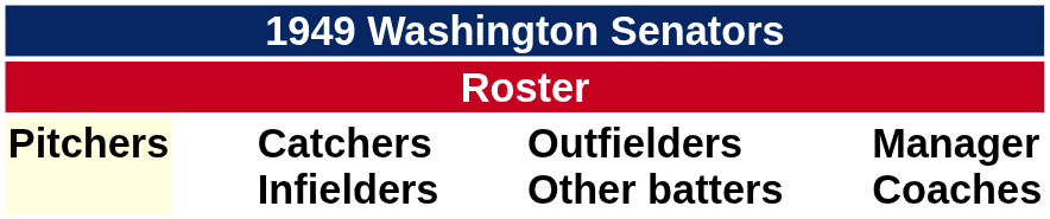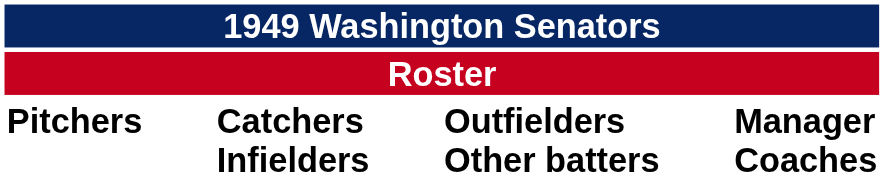 <table class="toccolours" style="font-size: 95%;">
 <tr>
 <th colspan="10" style="background-color: #072764; color: white; text-align: center;">1949 Washington Senators</th>
 </tr>
 <tr>
 <td colspan="10" style="background-color: #c6011f; color: white; text-align: center;"><strong>Roster</strong></td>
 </tr>
 <tr>
-<td valign="top" style="background: lightyellow;"><strong>Pitchers</strong><br>                 </td>
+<td valign="top"><strong>Pitchers</strong><br>                 </td>
 <td width="25px"></td>
 <td valign="top"><strong>Catchers</strong><br>   <strong>Infielders</strong>       </td>
 <td width="25px"></td>
 <td valign="top"><strong>Outfielders</strong><br>       <strong>Other batters</strong>  </td>
 <td width="25px"></td>
 <td valign="top"><strong>Manager</strong><br> <strong>Coaches</strong>     </td>
 </tr>
 <tr>
 </tr>
 </table>
